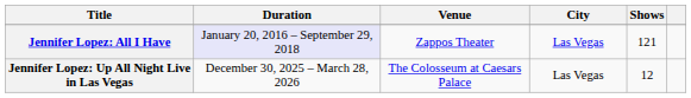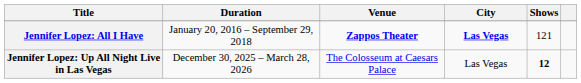 <table class="wikitable sortable plainrowheaders" style="text-align:center;">
 <tr>
 <th scope="col" style="width:25em;">Title</th>
 <th scope="col" style="width:24em;">Duration</th>
 <th scope="col" style="width:18em;">Venue</th>
 <th scope="col" style="width:12em;">City</th>
 <th scope="col">Shows</th>
 <th scope="col" style="width:2em;" class="unsortable"></th>
 </tr>
 <tr>
 </tr>
 <tr>
 <th scope="row"><a href='#'>Jennifer Lopez: All I Have</a></th>
-<td style="background: lavender;">January 20, 2016 – September 29, 2018</td>
-<td><a href='#'>Zappos Theater</a></td>
-<td><a href='#'>Las Vegas</a></td>
+<td>January 20, 2016 – September 29, 2018</td>
+<td><strong><a href='#'>Zappos Theater</a></strong></td>
+<td><strong><a href='#'>Las Vegas</a></strong></td>
 <td>121</td>
 <td></td>
 </tr>
 <tr>
 <th scope="row">Jennifer Lopez: Up All Night Live in Las Vegas</th>
 <td>December 30, 2025 – March 28, 2026</td>
 <td><a href='#'>The Colosseum at Caesars Palace</a></td>
 <td>Las Vegas</td>
-<td>12</td>
+<td><strong>12</strong></td>
 <td></td>
 </tr>
 </table>
